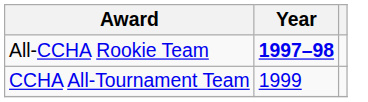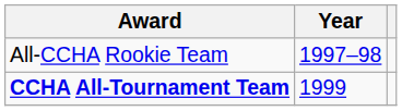 <table class="wikitable">
 <tr>
 <th>Award</th>
 <th>Year</th>
 <th></th>
 </tr>
 <tr>
 <td>All-<a href='#'>CCHA</a> <a href='#'>Rookie Team</a></td>
-<td><strong><a href='#'>1997–98</a></strong></td>
+<td><a href='#'>1997–98</a></td>
 <td></td>
 </tr>
 <tr>
-<td><a href='#'>CCHA</a> <a href='#'>All-Tournament Team</a></td>
+<td><strong><a href='#'>CCHA</a> <a href='#'>All-Tournament Team</a></strong></td>
 <td><a href='#'>1999</a></td>
 <td></td>
 </tr>
 <tr>
 </tr>
 </table>
